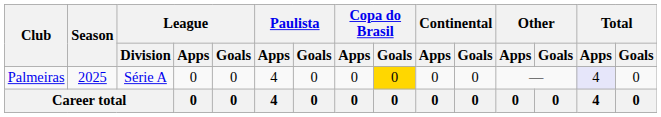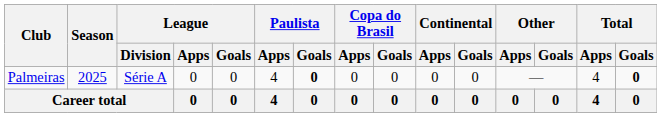 <table class="wikitable" style="text-align: center;">
 <tr>
 <th rowspan="2">Club</th>
 <th rowspan="2">Season</th>
 <th colspan="3">League</th>
 <th colspan="2"><a href='#'>Paulista</a></th>
 <th colspan="2"><a href='#'>Copa do Brasil</a></th>
 <th colspan="2">Continental</th>
 <th colspan="2">Other</th>
 <th colspan="2">Total</th>
 </tr>
 <tr>
 <th>Division</th>
 <th>Apps</th>
 <th>Goals</th>
 <th>Apps</th>
 <th>Goals</th>
 <th>Apps</th>
 <th>Goals</th>
 <th>Apps</th>
 <th>Goals</th>
 <th>Apps</th>
 <th>Goals</th>
 <th>Apps</th>
 <th>Goals</th>
 </tr>
 <tr>
 <td rowspan="1"><a href='#'>Palmeiras</a></td>
 <td><a href='#'>2025</a></td>
 <td rowspan="1"><a href='#'>Série A</a></td>
 <td>0</td>
 <td>0</td>
 <td>4</td>
+<td><strong>0</strong></td>
 <td>0</td>
 <td>0</td>
-<td style="background: gold;">0</td>
 <td>0</td>
 <td>0</td>
 <td colspan="2">—</td>
-<td style="background: lavender;">4</td>
-<td>0</td>
+<td>4</td>
+<td><strong>0</strong></td>
 </tr>
 <tr>
 <th colspan="3">Career total</th>
 <th>0</th>
 <th>0</th>
 <th>4</th>
 <th>0</th>
 <th>0</th>
 <th>0</th>
 <th>0</th>
 <th>0</th>
 <th>0</th>
 <th>0</th>
 <th>4</th>
 <th>0</th>
 </tr>
 </table>
